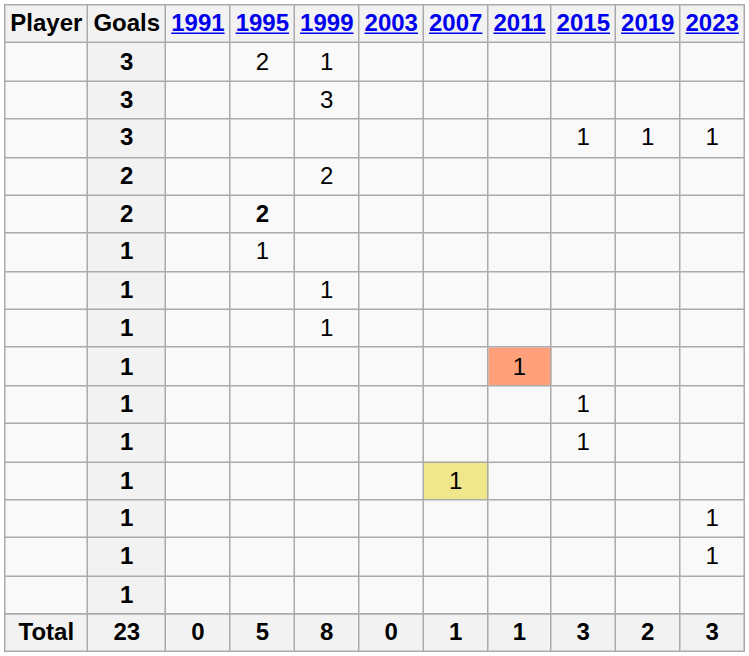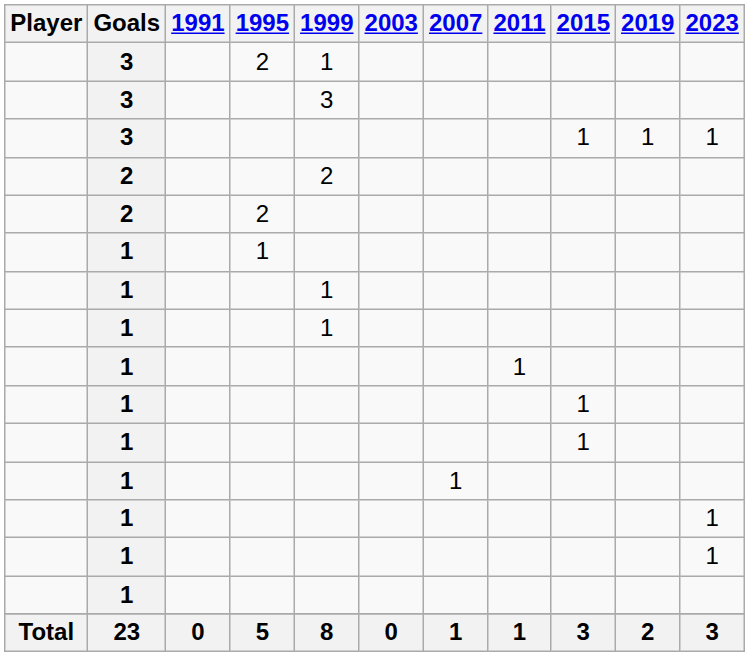 <table class="wikitable sortable" style="text-align:center;">
 <tr>
 <th>Player</th>
 <th>Goals</th>
 <th><a href='#'>1991</a></th>
 <th><a href='#'>1995</a></th>
 <th><a href='#'>1999</a></th>
 <th><a href='#'>2003</a></th>
 <th><a href='#'>2007</a></th>
 <th><a href='#'>2011</a></th>
 <th><a href='#'>2015</a></th>
 <th><a href='#'>2019</a></th>
 <th><a href='#'>2023</a></th>
 </tr>
 <tr>
 <td align="left"></td>
 <th>3</th>
 <td></td>
 <td>2</td>
 <td>1</td>
 <td></td>
 <td></td>
 <td></td>
 <td></td>
 <td></td>
 <td></td>
 </tr>
 <tr>
 <td align="left"></td>
 <th>3</th>
 <td></td>
 <td></td>
 <td>3</td>
 <td></td>
 <td></td>
 <td></td>
 <td></td>
 <td></td>
 <td></td>
 </tr>
 <tr>
 <td align="left"></td>
 <th>3</th>
 <td></td>
 <td></td>
 <td></td>
 <td></td>
 <td></td>
 <td></td>
 <td>1</td>
 <td>1</td>
 <td>1</td>
 </tr>
 <tr>
 <td align="left"></td>
 <th>2</th>
 <td></td>
 <td></td>
 <td>2</td>
 <td></td>
 <td></td>
 <td></td>
 <td></td>
 <td></td>
 <td></td>
 </tr>
 <tr>
 <td align="left"></td>
 <th>2</th>
 <td></td>
-<td><strong>2</strong></td>
+<td>2</td>
 <td></td>
 <td></td>
 <td></td>
 <td></td>
 <td></td>
 <td></td>
 <td></td>
 </tr>
 <tr>
 <td align="left"></td>
 <th>1</th>
 <td></td>
 <td>1</td>
 <td></td>
 <td></td>
 <td></td>
 <td></td>
 <td></td>
 <td></td>
 <td></td>
 </tr>
 <tr>
 <td align="left"></td>
 <th>1</th>
 <td></td>
 <td></td>
 <td>1</td>
 <td></td>
 <td></td>
 <td></td>
 <td></td>
 <td></td>
 <td></td>
 </tr>
 <tr>
 <td align="left"></td>
 <th>1</th>
 <td></td>
 <td></td>
 <td>1</td>
 <td></td>
 <td></td>
 <td></td>
 <td></td>
 <td></td>
 <td></td>
 </tr>
 <tr>
 <td align="left"></td>
 <th>1</th>
 <td></td>
 <td></td>
 <td></td>
 <td></td>
 <td></td>
-<td style="background: lightsalmon;">1</td>
+<td>1</td>
 <td></td>
 <td></td>
 <td></td>
 </tr>
 <tr>
 <td align="left"></td>
 <th>1</th>
 <td></td>
 <td></td>
 <td></td>
 <td></td>
 <td></td>
 <td></td>
 <td>1</td>
 <td></td>
 <td></td>
 </tr>
 <tr>
 <td align="left"></td>
 <th>1</th>
 <td></td>
 <td></td>
 <td></td>
 <td></td>
 <td></td>
 <td></td>
 <td>1</td>
 <td></td>
 <td></td>
 </tr>
 <tr>
 <td align="left"></td>
 <th>1</th>
 <td></td>
 <td></td>
 <td></td>
 <td></td>
-<td style="background: khaki;">1</td>
+<td>1</td>
 <td></td>
 <td></td>
 <td></td>
 <td></td>
 </tr>
 <tr>
 <td align="left"></td>
 <th>1</th>
 <td></td>
 <td></td>
 <td></td>
 <td></td>
 <td></td>
 <td></td>
 <td></td>
 <td></td>
 <td>1</td>
 </tr>
 <tr>
 <td align="left"></td>
 <th>1</th>
 <td></td>
 <td></td>
 <td></td>
 <td></td>
 <td></td>
 <td></td>
 <td></td>
 <td></td>
 <td>1</td>
 </tr>
 <tr>
 <td align="left"></td>
 <th>1</th>
 <td></td>
 <td></td>
 <td></td>
 <td></td>
 <td></td>
 <td></td>
 <td></td>
 <td></td>
 <td></td>
 </tr>
 <tr>
 </tr>
 <tr class="sortbottom">
 <th>Total</th>
 <th>23</th>
 <th>0</th>
 <th>5</th>
 <th>8</th>
 <th>0</th>
 <th>1</th>
 <th>1</th>
 <th>3</th>
 <th>2</th>
 <th>3</th>
 </tr>
 </table>
